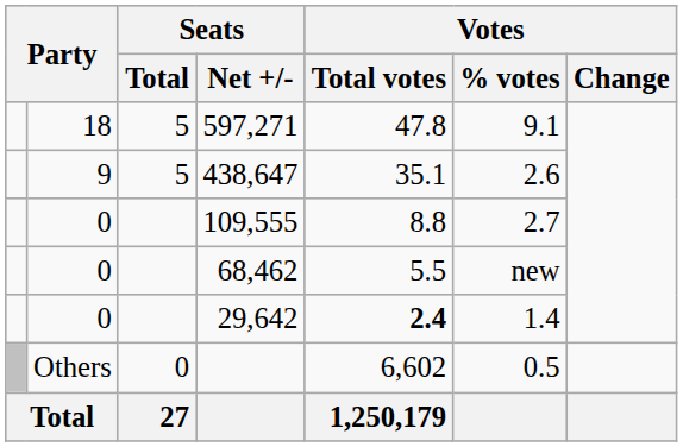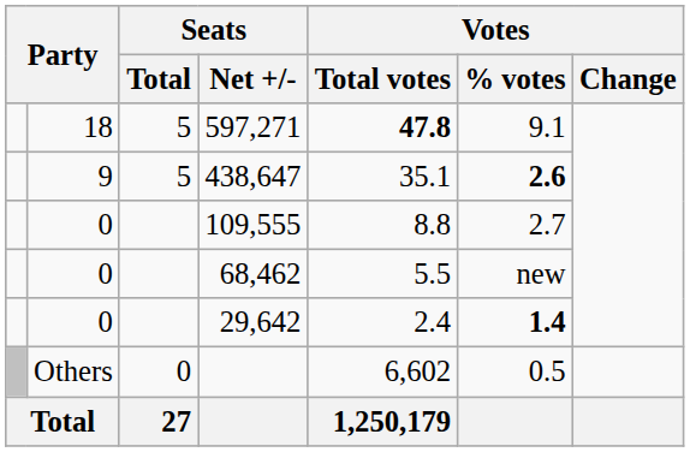 <table class="wikitable" style="text-align:right; font-size:95%;">
 <tr>
 <th colspan="2" rowspan="2">Party</th>
 <th colspan="2">Seats</th>
 <th colspan="3">Votes</th>
 </tr>
 <tr>
 <th>Total</th>
 <th>Net +/-</th>
 <th>Total votes</th>
 <th>% votes</th>
 <th>Change</th>
 </tr>
 <tr>
 <td></td>
 <td>18</td>
 <td>5</td>
 <td>597,271</td>
-<td>47.8</td>
+<td><strong>47.8</strong></td>
 <td>9.1</td>
 </tr>
 <tr>
 <td></td>
 <td>9</td>
 <td>5</td>
 <td>438,647</td>
 <td>35.1</td>
-<td>2.6</td>
+<td><strong>2.6</strong></td>
 </tr>
 <tr>
 <td></td>
 <td>0</td>
 <td></td>
 <td>109,555</td>
 <td>8.8</td>
 <td>2.7</td>
 </tr>
 <tr>
 <td></td>
 <td>0</td>
 <td></td>
 <td>68,462</td>
 <td>5.5</td>
 <td>new</td>
 </tr>
 <tr>
 <td></td>
 <td>0</td>
 <td></td>
 <td>29,642</td>
-<td><strong>2.4</strong></td>
-<td>1.4</td>
+<td>2.4</td>
+<td><strong>1.4</strong></td>
 </tr>
 <tr>
 <td style="background:silver;"> </td>
 <td align=left>Others</td>
 <td>0</td>
 <td></td>
 <td>6,602</td>
 <td>0.5</td>
 <td></td>
 </tr>
 <tr>
 <th colspan="2" style="background:#f2f2f2">Total</th>
 <td style="background:#f2f2f2;"><strong>27</strong></td>
 <td style="background:#f2f2f2;"></td>
 <td style="background:#f2f2f2;"><strong>1,250,179</strong></td>
 <td style="background:#f2f2f2;"></td>
 <td style="background:#f2f2f2;"></td>
 </tr>
 </table>
